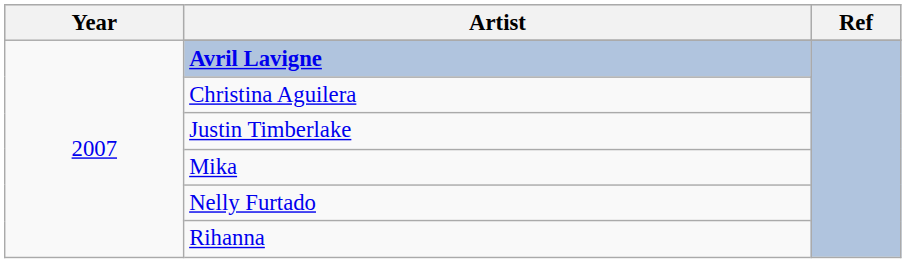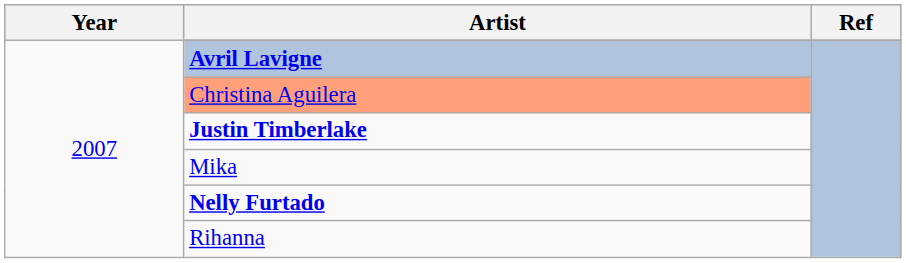 <table class="wikitable" style="width:50%;">
 <tr style="background:#bebebe;">
 <th style="width:10%;">Year</th>
 <th style="width:35%;">Artist</th>
 <th style="width:5%;">Ref</th>
 </tr>
 <tr>
 <td rowspan="7" align="center"><a href='#'>2007</a></td>
 </tr>
 <tr style="background:#B0C4DE">
 <td><strong><a href='#'>Avril Lavigne</a></strong></td>
 <td rowspan="7" align="center"></td>
 </tr>
 <tr>
-<td><a href='#'>Christina Aguilera</a></td>
+<td style="background: lightsalmon;"><a href='#'>Christina Aguilera</a></td>
 </tr>
 <tr>
-<td><a href='#'>Justin Timberlake</a></td>
+<td><strong><a href='#'>Justin Timberlake</a></strong></td>
 </tr>
 <tr>
 <td><a href='#'>Mika</a></td>
 </tr>
 <tr>
-<td><a href='#'>Nelly Furtado</a></td>
+<td><strong><a href='#'>Nelly Furtado</a></strong></td>
 </tr>
 <tr>
 <td><a href='#'>Rihanna</a></td>
 </tr>
 </table>
